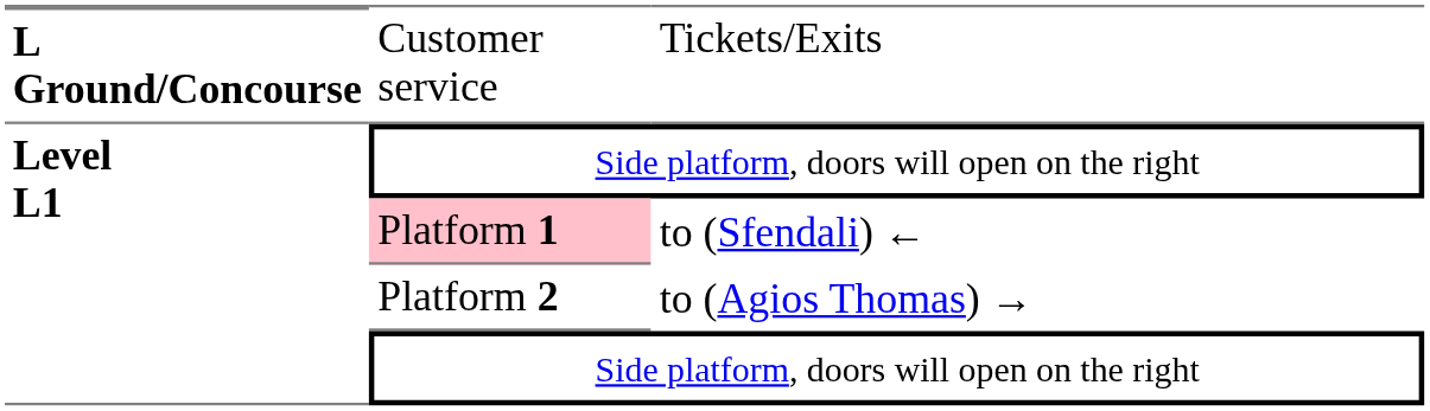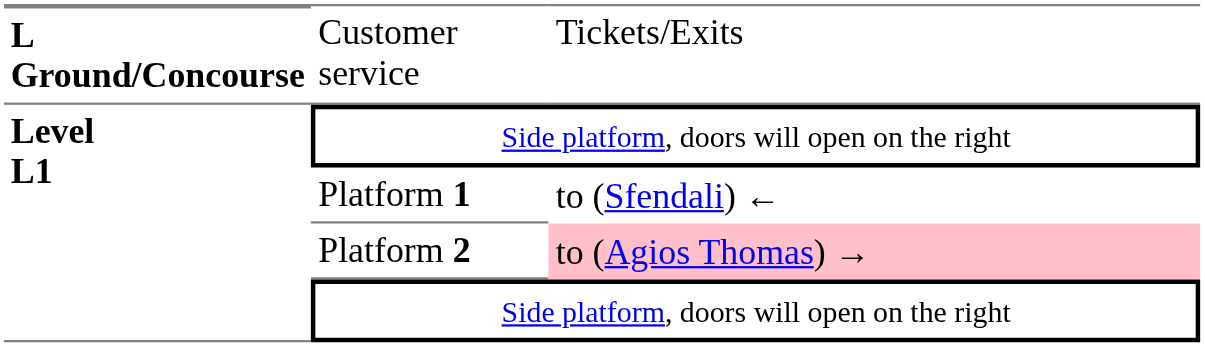 <table table border=0 cellspacing=0 cellpadding=3>
 <tr>
 <td style="border-bottom:solid 1px gray;border-top:solid 2px gray;" width=50 valign=top><strong>L<br>Ground/Concourse</strong></td>
 <td style="border-top:solid 1px gray;border-bottom:solid 1px gray;" width=100 valign=top>Customer service</td>
 <td style="border-top:solid 1px gray;border-bottom:solid 1px gray;" width=285 valign=top>Tickets/Exits</td>
 </tr>
 <tr>
 <td style="border-bottom:solid 1px gray;" rowspan=4 valign=top><strong>Level<br>L1</strong></td>
 <td style="border-top:solid 2px black;border-right:solid 2px black;border-left:solid 2px black;border-bottom:solid 2px black;text-align:center;" colspan=2><small><a href='#'>Side platform</a>, doors will open on the right</small></td>
 </tr>
 <tr>
-<td style="background: pink; border-bottom:solid 1px gray;">Platform <strong>1</strong></td>
+<td style="border-bottom:solid 1px gray;">Platform <strong>1</strong></td>
 <td> to  (<a href='#'>Sfendali</a>)  ←</td>
 </tr>
 <tr>
 <td style="border-bottom:solid 1px gray;">Platform <strong>2</strong></td>
-<td> to  (<a href='#'>Agios Thomas</a>) →</td>
+<td style="background: pink;"> to  (<a href='#'>Agios Thomas</a>) →</td>
 </tr>
 <tr>
 <td style="border-top:solid 2px black;border-left:solid 2px black;border-right:solid 2px black;border-bottom:solid 2px black;text-align:center;" colspan=2><small><a href='#'>Side platform</a>, doors will open on the right</small></td>
 </tr>
 </table>
